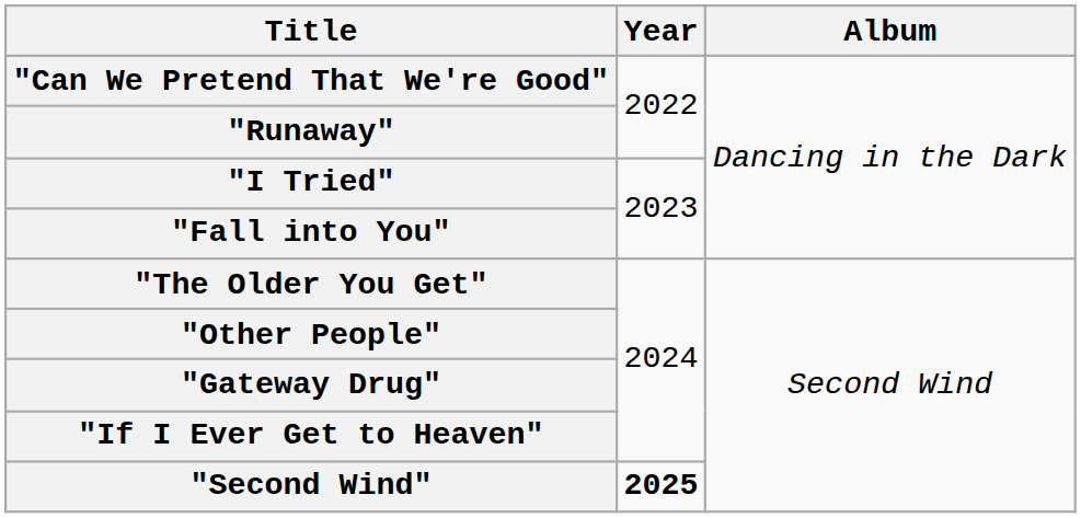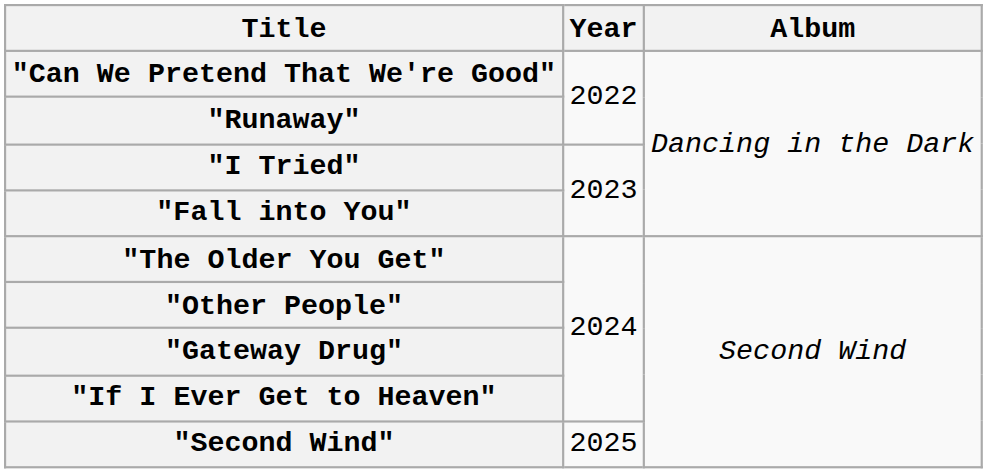 <table class="wikitable plainrowheaders" style="text-align:center;">
 <tr>
 <th>Title</th>
 <th>Year</th>
 <th>Album</th>
 </tr>
 <tr>
 <th scope="row">"Can We Pretend That We're Good"</th>
 <td rowspan="2">2022</td>
 <td rowspan="4"><em>Dancing in the Dark</em></td>
 </tr>
 <tr>
 <th scope="row">"Runaway"</th>
 </tr>
 <tr>
 <th scope="row">"I Tried"</th>
 <td rowspan="2">2023</td>
 </tr>
 <tr>
 <th scope="row">"Fall into You"</th>
 </tr>
 <tr>
 <th scope="row">"The Older You Get"</th>
 <td rowspan="4">2024</td>
 <td rowspan="5"><em>Second Wind</em></td>
 </tr>
 <tr>
 <th scope="row">"Other People"</th>
 </tr>
 <tr>
 <th scope="row">"Gateway Drug"</th>
 </tr>
 <tr>
 <th scope="row">"If I Ever Get to Heaven"</th>
 </tr>
 <tr>
 <th scope="row">"Second Wind"</th>
-<td><strong>2025</strong></td>
+<td>2025</td>
 </tr>
 </table>
